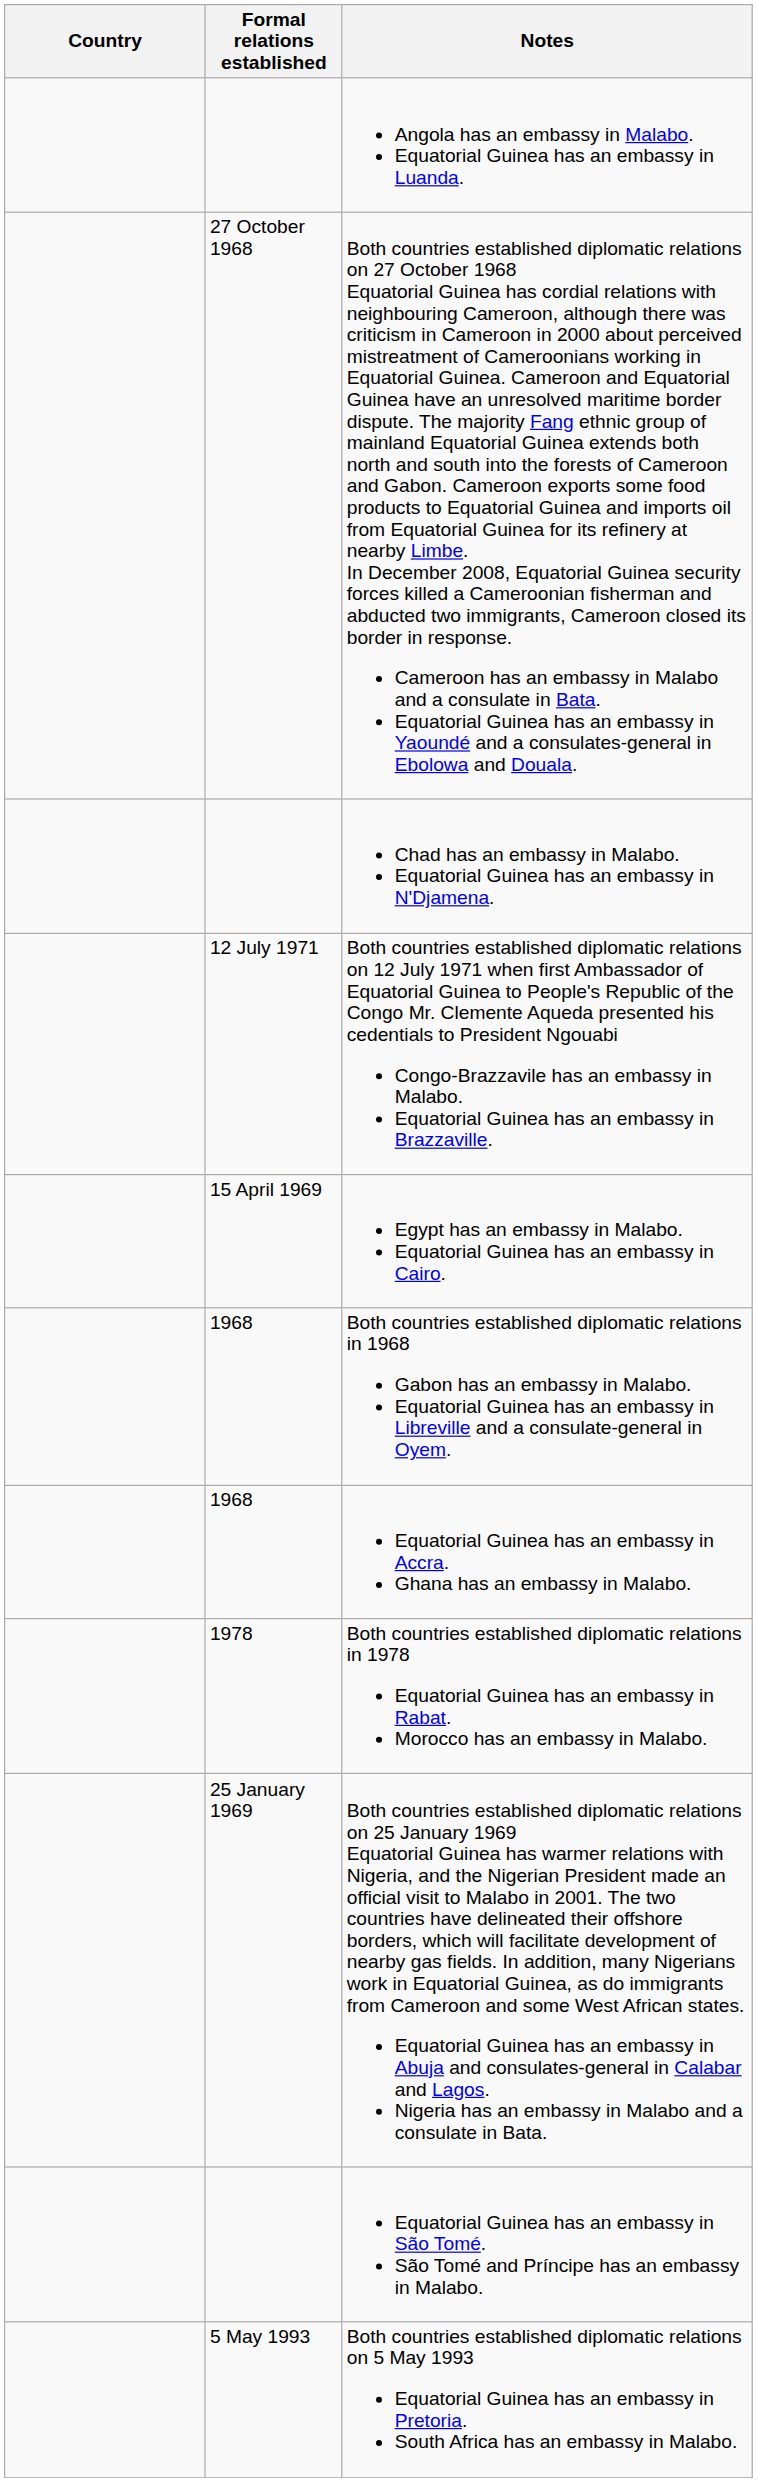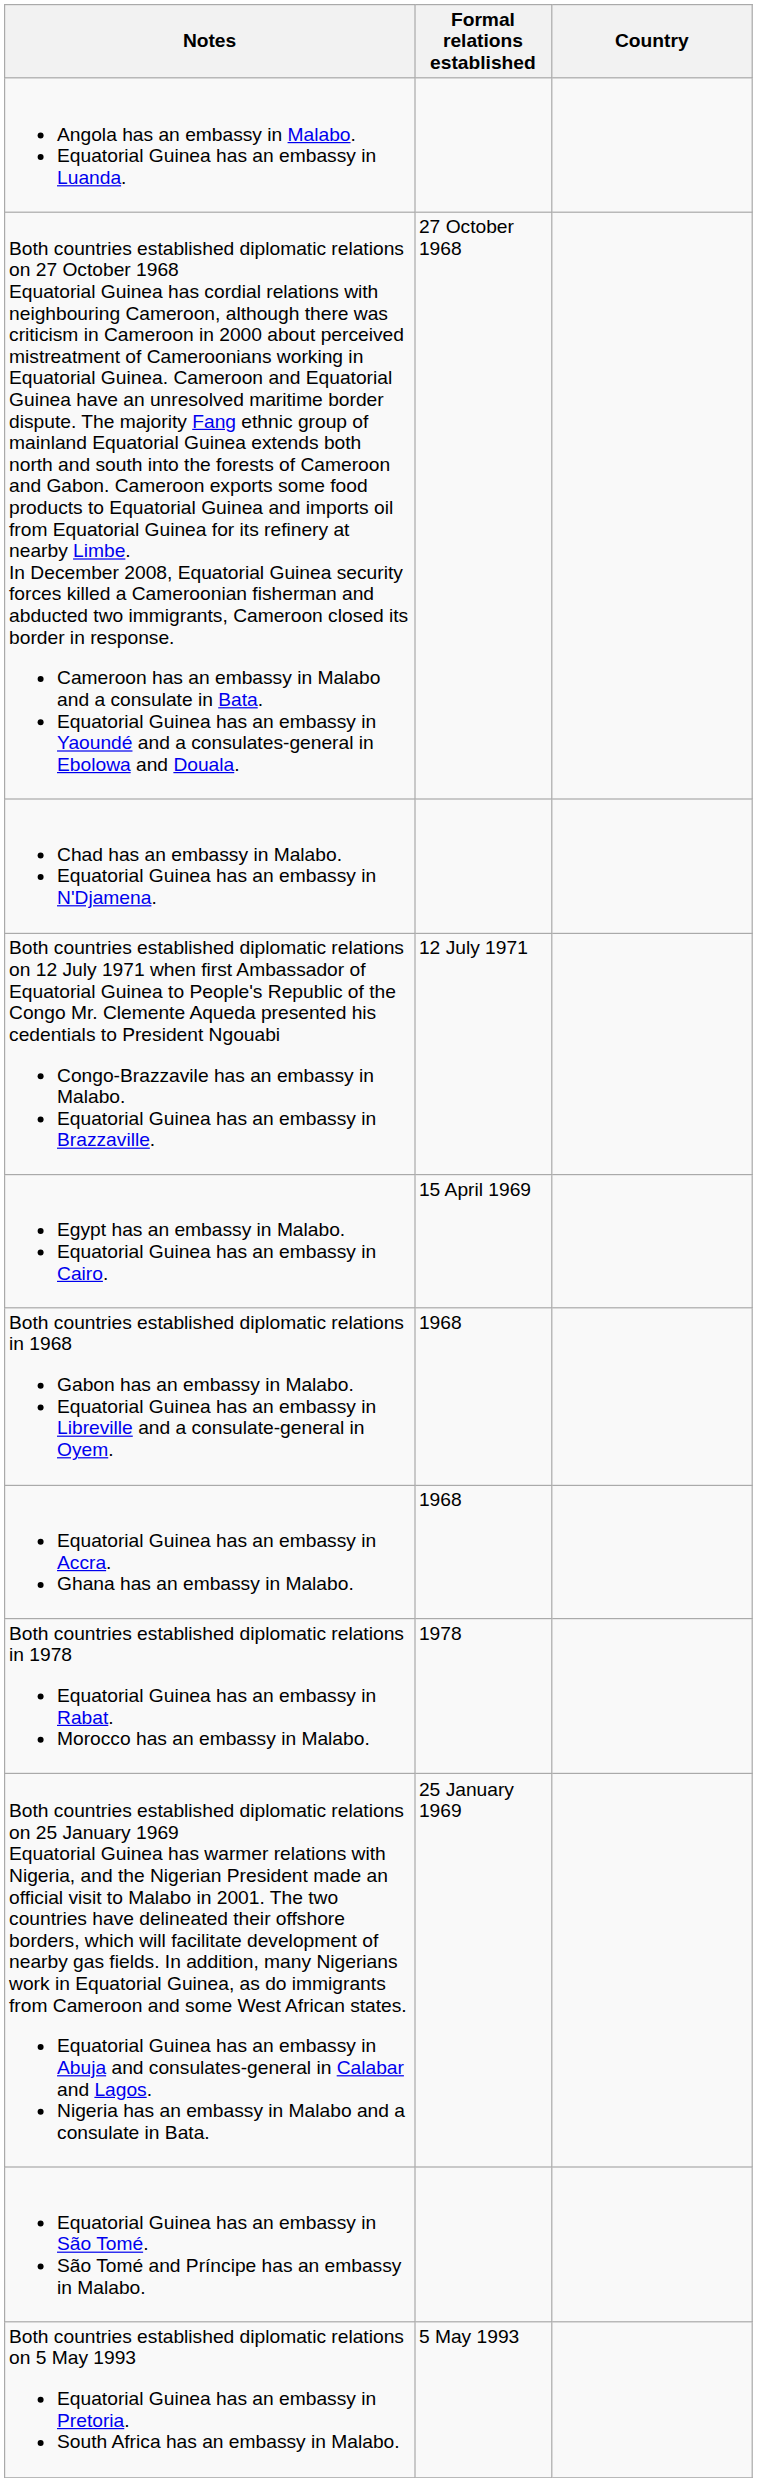 <table class="wikitable sortable" style="width:100%; margin:auto;">
 <tr>
+<th>Notes</th>
+<th style="width:80pt;">Formal relations established</th>
 <th style="width:120pt;">Country</th>
-<th style="width:80pt;">Formal relations established</th>
-<th>Notes</th>
 </tr>
 <tr valign="top">
+<td><br><ul><li>Angola has an embassy in <a href='#'>Malabo</a>.</li><li>Equatorial Guinea has an embassy in <a href='#'>Luanda</a>.</li></ul></td>
 <td></td>
 <td></td>
-<td><br><ul><li>Angola has an embassy in <a href='#'>Malabo</a>.</li><li>Equatorial Guinea has an embassy in <a href='#'>Luanda</a>.</li></ul></td>
 </tr>
 <tr valign="top">
+<td><br>Both countries established diplomatic relations on 27 October 1968<br>Equatorial Guinea has cordial relations with neighbouring Cameroon, although there was criticism in Cameroon in 2000 about perceived mistreatment of Cameroonians working in Equatorial Guinea. Cameroon and Equatorial Guinea have an unresolved maritime border dispute. The majority <a href='#'>Fang</a> ethnic group of mainland Equatorial Guinea extends both north and south into the forests of Cameroon and Gabon. Cameroon exports some food products to Equatorial Guinea and imports oil from Equatorial Guinea for its refinery at nearby <a href='#'>Limbe</a>.<br>In December 2008, Equatorial Guinea security forces killed a Cameroonian fisherman and abducted two immigrants, Cameroon closed its border in response.<ul><li>Cameroon has an embassy in Malabo and a consulate in <a href='#'>Bata</a>.</li><li>Equatorial Guinea has an embassy in <a href='#'>Yaoundé</a> and a consulates-general in <a href='#'>Ebolowa</a> and  <a href='#'>Douala</a>.</li></ul></td>
+<td>27 October 1968</td>
 <td></td>
-<td>27 October 1968</td>
-<td><br>Both countries established diplomatic relations on 27 October 1968<br>Equatorial Guinea has cordial relations with neighbouring Cameroon, although there was criticism in Cameroon in 2000 about perceived mistreatment of Cameroonians working in Equatorial Guinea. Cameroon and Equatorial Guinea have an unresolved maritime border dispute. The majority <a href='#'>Fang</a> ethnic group of mainland Equatorial Guinea extends both north and south into the forests of Cameroon and Gabon. Cameroon exports some food products to Equatorial Guinea and imports oil from Equatorial Guinea for its refinery at nearby <a href='#'>Limbe</a>.<br>In December 2008, Equatorial Guinea security forces killed a Cameroonian fisherman and abducted two immigrants, Cameroon closed its border in response.<ul><li>Cameroon has an embassy in Malabo and a consulate in <a href='#'>Bata</a>.</li><li>Equatorial Guinea has an embassy in <a href='#'>Yaoundé</a> and a consulates-general in <a href='#'>Ebolowa</a> and  <a href='#'>Douala</a>.</li></ul></td>
 </tr>
 <tr valign="top">
+<td><br><ul><li>Chad has an embassy in Malabo.</li><li>Equatorial Guinea has an embassy in <a href='#'>N'Djamena</a>.</li></ul></td>
 <td></td>
 <td></td>
-<td><br><ul><li>Chad has an embassy in Malabo.</li><li>Equatorial Guinea has an embassy in <a href='#'>N'Djamena</a>.</li></ul></td>
 </tr>
 <tr valign="top">
+<td>Both countries established diplomatic relations on 12 July 1971 when first Ambassador of Equatorial Guinea to People's Republic of the Congo Mr. Clemente Aqueda presented his cedentials to President Ngouabi<br><ul><li>Congo-Brazzavile has an embassy in Malabo.</li><li>Equatorial Guinea has an embassy in <a href='#'>Brazzaville</a>.</li></ul></td>
+<td>12 July 1971</td>
 <td></td>
-<td>12 July 1971</td>
-<td>Both countries established diplomatic relations on 12 July 1971 when first Ambassador of Equatorial Guinea to People's Republic of the Congo Mr. Clemente Aqueda presented his cedentials to President Ngouabi<br><ul><li>Congo-Brazzavile has an embassy in Malabo.</li><li>Equatorial Guinea has an embassy in <a href='#'>Brazzaville</a>.</li></ul></td>
 </tr>
 <tr valign="top">
+<td><br><ul><li>Egypt has an embassy in Malabo.</li><li>Equatorial Guinea has an embassy in <a href='#'>Cairo</a>.</li></ul></td>
+<td>15 April 1969</td>
 <td></td>
-<td>15 April 1969</td>
-<td><br><ul><li>Egypt has an embassy in Malabo.</li><li>Equatorial Guinea has an embassy in <a href='#'>Cairo</a>.</li></ul></td>
 </tr>
 <tr valign="top">
+<td>Both countries established diplomatic relations in 1968<br><ul><li>Gabon has an embassy in Malabo.</li><li>Equatorial Guinea has an embassy in <a href='#'>Libreville</a> and a consulate-general in <a href='#'>Oyem</a>.</li></ul></td>
+<td>1968</td>
 <td></td>
-<td>1968</td>
-<td>Both countries established diplomatic relations in 1968<br><ul><li>Gabon has an embassy in Malabo.</li><li>Equatorial Guinea has an embassy in <a href='#'>Libreville</a> and a consulate-general in <a href='#'>Oyem</a>.</li></ul></td>
 </tr>
 <tr valign="top">
+<td><br><ul><li>Equatorial Guinea has an embassy in <a href='#'>Accra</a>.</li><li>Ghana has an embassy in Malabo.</li></ul></td>
+<td>1968</td>
 <td></td>
-<td>1968</td>
-<td><br><ul><li>Equatorial Guinea has an embassy in <a href='#'>Accra</a>.</li><li>Ghana has an embassy in Malabo.</li></ul></td>
 </tr>
 <tr valign="top">
+<td>Both countries established diplomatic relations in 1978<br><ul><li>Equatorial Guinea has an embassy in <a href='#'>Rabat</a>.</li><li>Morocco has an embassy in Malabo.</li></ul></td>
+<td>1978</td>
 <td></td>
-<td>1978</td>
-<td>Both countries established diplomatic relations in 1978<br><ul><li>Equatorial Guinea has an embassy in <a href='#'>Rabat</a>.</li><li>Morocco has an embassy in Malabo.</li></ul></td>
 </tr>
 <tr valign="top">
+<td><br>Both countries established diplomatic relations on 25 January 1969<br>Equatorial Guinea has warmer relations with Nigeria, and the Nigerian President made an official visit to Malabo in 2001. The two countries have delineated their offshore borders, which will facilitate development of nearby gas fields. In addition, many Nigerians work in Equatorial Guinea, as do immigrants from Cameroon and some West African states.<ul><li>Equatorial Guinea has an embassy in <a href='#'>Abuja</a> and consulates-general in <a href='#'>Calabar</a> and <a href='#'>Lagos</a>.</li><li>Nigeria has an embassy in Malabo and a consulate in Bata.</li></ul></td>
+<td>25 January 1969</td>
 <td></td>
-<td>25 January 1969</td>
-<td><br>Both countries established diplomatic relations on 25 January 1969<br>Equatorial Guinea has warmer relations with Nigeria, and the Nigerian President made an official visit to Malabo in 2001. The two countries have delineated their offshore borders, which will facilitate development of nearby gas fields. In addition, many Nigerians work in Equatorial Guinea, as do immigrants from Cameroon and some West African states.<ul><li>Equatorial Guinea has an embassy in <a href='#'>Abuja</a> and consulates-general in <a href='#'>Calabar</a> and <a href='#'>Lagos</a>.</li><li>Nigeria has an embassy in Malabo and a consulate in Bata.</li></ul></td>
 </tr>
 <tr valign="top">
+<td><br><ul><li>Equatorial Guinea has an embassy in <a href='#'>São Tomé</a>.</li><li>São Tomé and Príncipe has an embassy in Malabo.</li></ul></td>
 <td></td>
 <td></td>
-<td><br><ul><li>Equatorial Guinea has an embassy in <a href='#'>São Tomé</a>.</li><li>São Tomé and Príncipe has an embassy in Malabo.</li></ul></td>
 </tr>
 <tr valign="top">
+<td>Both countries established diplomatic relations on 5 May 1993<br><ul><li>Equatorial Guinea has an embassy in <a href='#'>Pretoria</a>.</li><li>South Africa has an embassy in Malabo.</li></ul></td>
+<td>5 May 1993</td>
 <td></td>
-<td>5 May 1993</td>
-<td>Both countries established diplomatic relations on 5 May 1993<br><ul><li>Equatorial Guinea has an embassy in <a href='#'>Pretoria</a>.</li><li>South Africa has an embassy in Malabo.</li></ul></td>
 </tr>
 </table>
